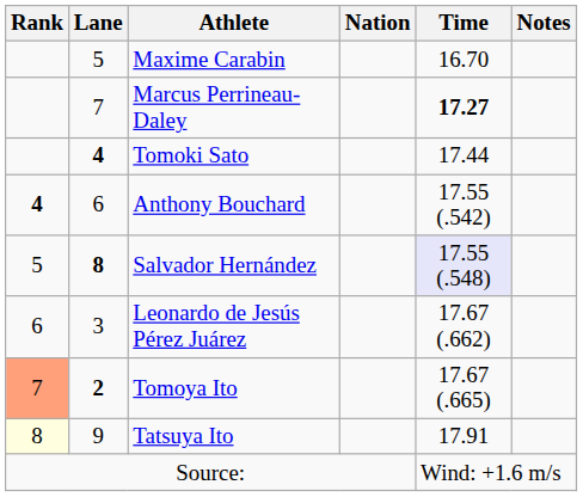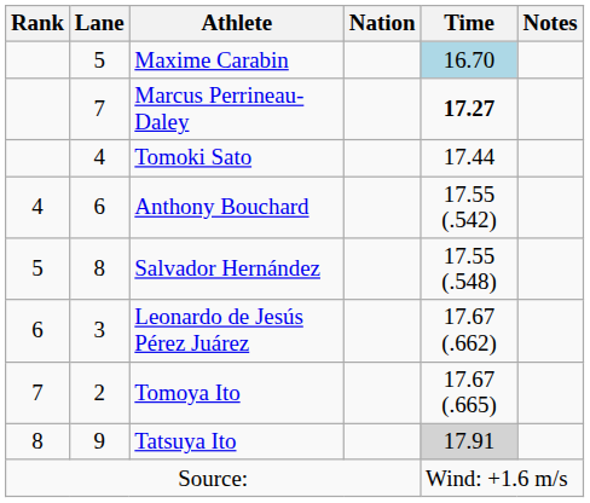 <table class="wikitable sortable" style="text-align:center;width: 65%;">
 <tr>
 <th scope="col" style="width: 10px;">Rank</th>
 <th scope="col" style="width: 10px;">Lane</th>
 <th scope="col">Athlete</th>
 <th scope="col">Nation</th>
 <th scope="col">Time</th>
 <th scope="col">Notes</th>
 </tr>
 <tr>
 <td></td>
 <td>5</td>
 <td align=left><a href='#'>Maxime Carabin</a></td>
 <td align=left></td>
-<td>16.70</td>
+<td style="background: lightblue;">16.70</td>
 <td></td>
 </tr>
 <tr>
 <td></td>
 <td>7</td>
 <td align=left><a href='#'>Marcus Perrineau-Daley</a></td>
 <td align=left></td>
 <td><strong>17.27</strong></td>
 <td></td>
 </tr>
 <tr>
 <td></td>
-<td><strong>4</strong></td>
+<td>4</td>
 <td align=left><a href='#'>Tomoki Sato</a></td>
 <td align=left></td>
 <td>17.44</td>
 <td></td>
 </tr>
 <tr>
-<td><strong>4</strong></td>
+<td>4</td>
 <td>6</td>
 <td align=left><a href='#'>Anthony Bouchard</a></td>
 <td align=left></td>
 <td>17.55 (.542)</td>
 <td></td>
 </tr>
 <tr>
 <td>5</td>
-<td><strong>8</strong></td>
+<td>8</td>
 <td align=left><a href='#'>Salvador Hernández</a></td>
 <td align=left></td>
-<td style="background: lavender;">17.55 (.548)</td>
+<td>17.55 (.548)</td>
 <td></td>
 </tr>
 <tr>
 <td>6</td>
 <td>3</td>
 <td align=left><a href='#'>Leonardo de Jesús Pérez Juárez</a></td>
 <td align=left></td>
 <td>17.67 (.662)</td>
 <td></td>
 </tr>
 <tr>
-<td style="background: lightsalmon;">7</td>
-<td><strong>2</strong></td>
+<td>7</td>
+<td>2</td>
 <td align=left><a href='#'>Tomoya Ito</a></td>
 <td align=left></td>
 <td>17.67 (.665)</td>
 <td></td>
 </tr>
 <tr>
-<td style="background: lightyellow;">8</td>
+<td>8</td>
 <td>9</td>
 <td align=left><a href='#'>Tatsuya Ito</a></td>
 <td align=left></td>
-<td>17.91</td>
+<td style="background: lightgrey;">17.91</td>
 <td></td>
 </tr>
 <tr class="sortbottom">
 <td colspan="4">Source:</td>
 <td colspan="2" style="text-align:left;">Wind: +1.6 m/s</td>
 </tr>
 </table>
